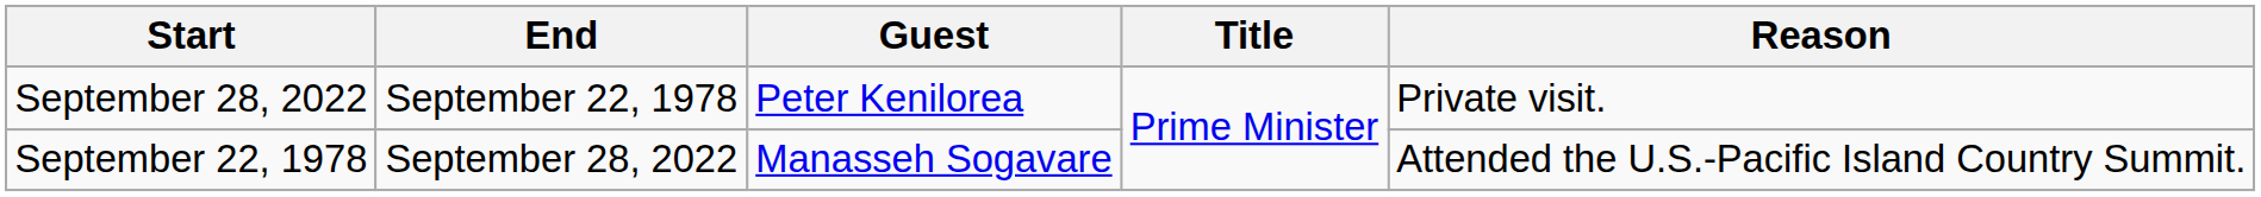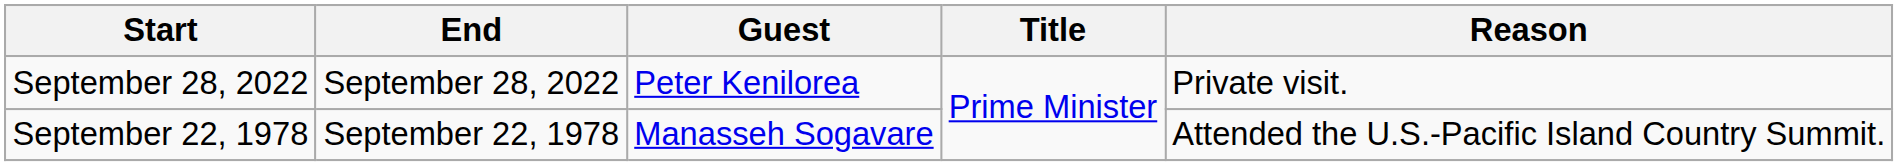 <table class="wikitable sortable">
 <tr>
 <th>Start</th>
 <th>End</th>
 <th>Guest</th>
 <th>Title</th>
 <th>Reason</th>
 </tr>
 <tr>
 <td>September 28, 2022</td>
-<td>September 22, 1978</td>
+<td>September 28, 2022</td>
 <td><a href='#'>Peter Kenilorea</a></td>
 <td rowspan=2><a href='#'>Prime Minister</a></td>
 <td>Private visit.</td>
 </tr>
 <tr>
 <td>September 22, 1978</td>
-<td>September 28, 2022</td>
+<td>September 22, 1978</td>
 <td><a href='#'>Manasseh Sogavare</a></td>
 <td>Attended the U.S.-Pacific Island Country Summit.</td>
 </tr>
 </table>
